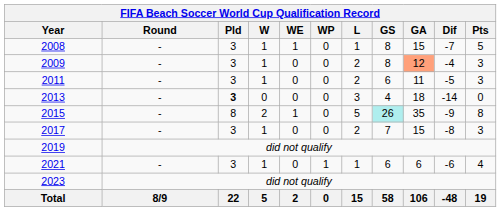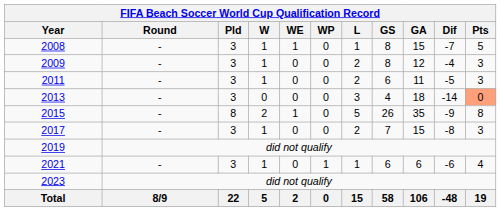 <table class="wikitable" style="text-align: center;font-size:90%;">
 <tr>
 <th colspan=11><a href='#'>FIFA Beach Soccer World Cup Qualification Record</a></th>
 </tr>
 <tr>
 <th width=125>Year</th>
 <th width=150>Round</th>
 <th width=35>Pld</th>
 <th width=35>W</th>
 <th width=35>WE</th>
 <th width=35>WP</th>
 <th width=35>L</th>
 <th width=35>GS</th>
 <th width=35>GA</th>
 <th width=35>Dif</th>
 <th width=35>Pts</th>
 </tr>
 <tr>
 <td> <a href='#'>2008</a></td>
 <td>-</td>
 <td>3</td>
 <td>1</td>
 <td>1</td>
 <td>0</td>
 <td>1</td>
 <td>8</td>
 <td>15</td>
 <td>-7</td>
 <td>5</td>
 </tr>
 <tr>
 <td> <a href='#'>2009</a></td>
 <td>-</td>
 <td>3</td>
 <td>1</td>
 <td>0</td>
 <td>0</td>
 <td>2</td>
 <td>8</td>
-<td style="background: lightsalmon;">12</td>
+<td>12</td>
 <td>-4</td>
 <td>3</td>
 </tr>
 <tr>
 <td> <a href='#'>2011</a></td>
 <td>-</td>
 <td>3</td>
 <td>1</td>
 <td>0</td>
 <td>0</td>
 <td>2</td>
 <td>6</td>
 <td>11</td>
 <td>-5</td>
 <td>3</td>
 </tr>
 <tr>
 <td> <a href='#'>2013</a></td>
 <td>-</td>
-<td><strong>3</strong></td>
+<td>3</td>
 <td>0</td>
 <td>0</td>
 <td>0</td>
 <td>3</td>
 <td>4</td>
 <td>18</td>
 <td>-14</td>
-<td>0</td>
+<td style="background: lightsalmon;">0</td>
 </tr>
 <tr>
 <td> <a href='#'>2015</a></td>
 <td>-</td>
 <td>8</td>
 <td>2</td>
 <td>1</td>
 <td>0</td>
 <td>5</td>
-<td style="background: paleturquoise;">26</td>
+<td>26</td>
 <td>35</td>
 <td>-9</td>
 <td>8</td>
 </tr>
 <tr>
 <td> <a href='#'>2017</a></td>
 <td>-</td>
 <td>3</td>
 <td>1</td>
 <td>0</td>
 <td>0</td>
 <td>2</td>
 <td>7</td>
 <td>15</td>
 <td>-8</td>
 <td>3</td>
 </tr>
 <tr>
 <td> <a href='#'>2019</a></td>
 <td colspan=10><em>did not qualify</em></td>
 </tr>
 <tr>
 <td> <a href='#'>2021</a></td>
 <td>-</td>
 <td>3</td>
 <td>1</td>
 <td>0</td>
 <td>1</td>
 <td>1</td>
 <td>6</td>
 <td>6</td>
 <td>-6</td>
 <td>4</td>
 </tr>
 <tr>
 <td> <a href='#'>2023</a></td>
 <td colspan=10><em>did not qualify</em></td>
 </tr>
 <tr>
 <th><strong>Total</strong></th>
 <th>8/9</th>
 <th>22</th>
 <th>5</th>
 <th>2</th>
 <th>0</th>
 <th>15</th>
 <th>58</th>
 <th>106</th>
 <th>-48</th>
 <th>19</th>
 </tr>
 </table>
